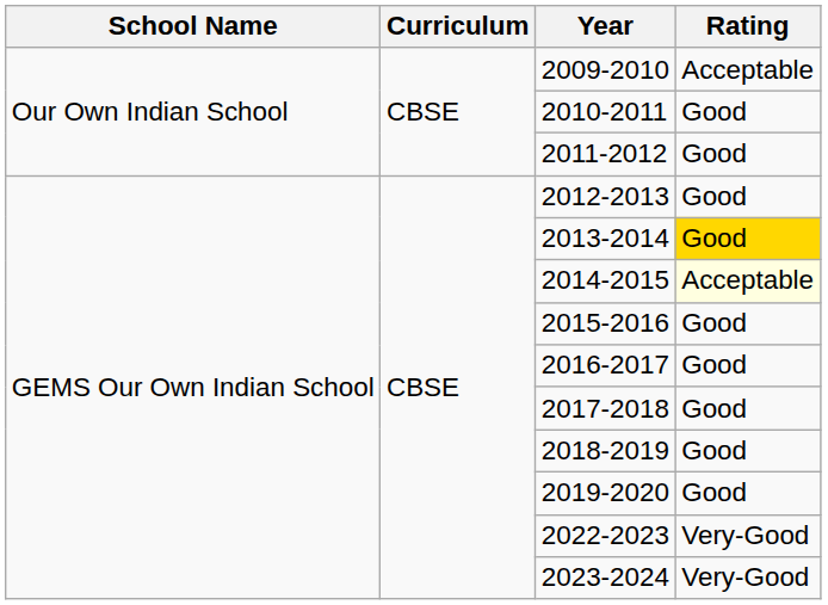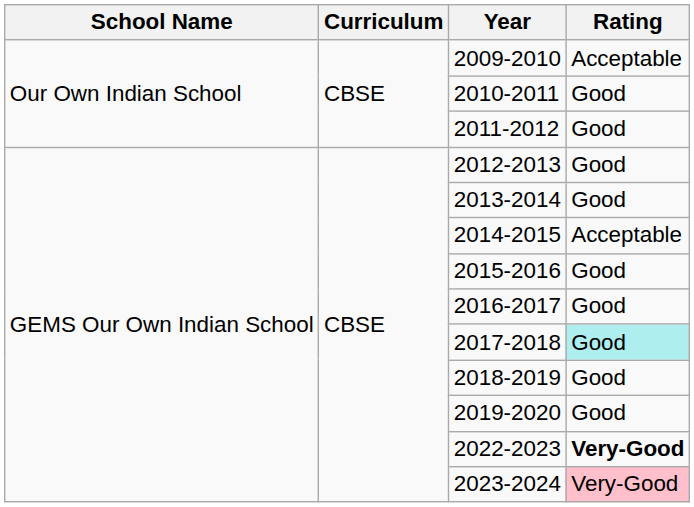 <table class="wikitable">
 <tr>
 <th>School Name</th>
 <th>Curriculum</th>
 <th>Year</th>
 <th>Rating</th>
 </tr>
 <tr>
 <td rowspan="3">Our Own Indian School</td>
 <td rowspan="3">CBSE</td>
 <td>2009-2010</td>
 <td>Acceptable</td>
 </tr>
 <tr>
 <td>2010-2011</td>
 <td>Good</td>
 </tr>
 <tr>
 <td>2011-2012</td>
 <td>Good</td>
 </tr>
 <tr>
 <td rowspan="10">GEMS Our Own Indian School</td>
 <td rowspan="10">CBSE</td>
 <td>2012-2013</td>
 <td>Good</td>
 </tr>
 <tr>
 <td>2013-2014</td>
-<td style="background: gold;">Good</td>
+<td>Good</td>
 </tr>
 <tr>
 <td>2014-2015</td>
-<td style="background: lightyellow;">Acceptable</td>
+<td>Acceptable</td>
 </tr>
 <tr>
 <td>2015-2016</td>
 <td>Good</td>
 </tr>
 <tr>
 <td>2016-2017</td>
 <td>Good</td>
 </tr>
 <tr>
 <td>2017-2018</td>
-<td>Good</td>
+<td style="background: paleturquoise;">Good</td>
 </tr>
 <tr>
 <td>2018-2019</td>
 <td>Good</td>
 </tr>
 <tr>
 <td>2019-2020</td>
 <td>Good</td>
 </tr>
 <tr>
 <td>2022-2023</td>
-<td>Very-Good</td>
+<td><strong>Very-Good</strong></td>
 </tr>
 <tr>
 <td>2023-2024</td>
-<td>Very-Good</td>
+<td style="background: pink;">Very-Good</td>
 </tr>
 </table>
